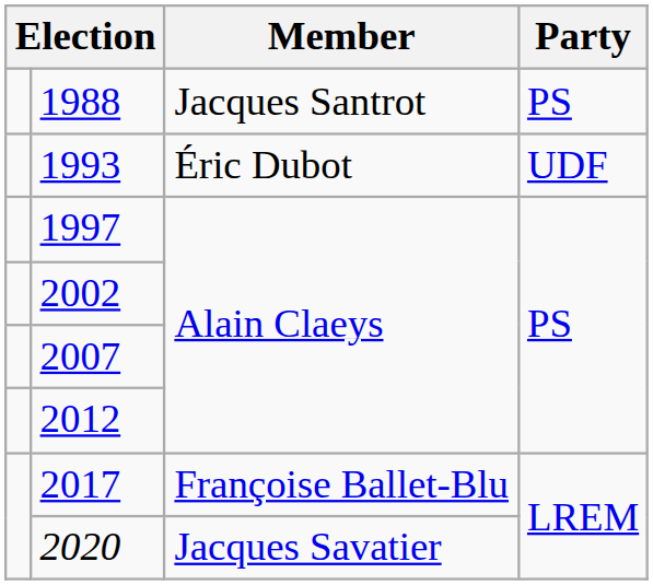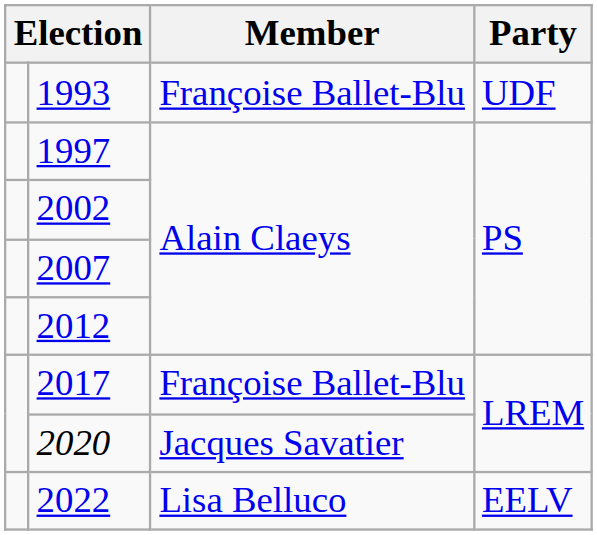 <table class="wikitable">
 <tr>
 <th colspan="2">Election</th>
 <th>Member</th>
 <th>Party</th>
 </tr>
 <tr>
 <td style="background-color: "></td>
-<td><a href='#'>1988</a></td>
-<td>Jacques Santrot</td>
-<td><a href='#'>PS</a></td>
-</tr>
-<tr>
-<td style="background-color: "></td>
 <td><a href='#'>1993</a></td>
-<td>Éric Dubot</td>
+<td><a href='#'>Françoise Ballet-Blu</a></td>
 <td><a href='#'>UDF</a></td>
 </tr>
 <tr>
 <td style="background-color: "></td>
 <td><a href='#'>1997</a></td>
 <td rowspan=4><a href='#'>Alain Claeys</a></td>
 <td rowspan=4><a href='#'>PS</a></td>
 </tr>
 <tr>
 <td style="background-color: "></td>
 <td><a href='#'>2002</a></td>
 </tr>
 <tr>
 <td style="background-color: "></td>
 <td><a href='#'>2007</a></td>
 </tr>
 <tr>
 <td style="background-color: "></td>
 <td><a href='#'>2012</a></td>
 </tr>
 <tr>
 <td rowspan="2" style="background-color: "></td>
 <td><a href='#'>2017</a></td>
 <td><a href='#'>Françoise Ballet-Blu</a></td>
 <td rowspan="2"><a href='#'>LREM</a></td>
 </tr>
 <tr>
 <td><em>2020</em></td>
 <td><a href='#'>Jacques Savatier</a></td>
 </tr>
+<tr>
+<td style="background-color: "></td>
+<td><a href='#'>2022</a></td>
+<td><a href='#'>Lisa Belluco</a></td>
+<td><a href='#'>EELV</a></td>
+</tr>
 </table>
